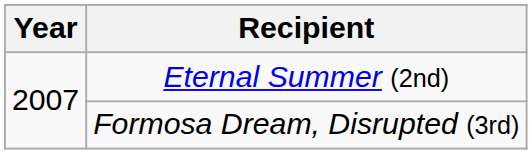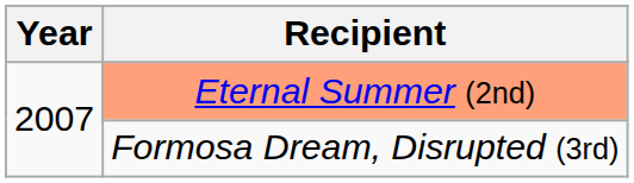 <table class="sortable wikitable" style="text-align:center">
 <tr>
 <th>Year</th>
 <th>Recipient</th>
 </tr>
 <tr>
 <td rowspan=2>2007</td>
-<td><em><a href='#'>Eternal Summer</a></em> <small>(2nd)</small></td>
+<td style="background: lightsalmon;"><em><a href='#'>Eternal Summer</a></em> <small>(2nd)</small></td>
 </tr>
 <tr>
 <td><em>Formosa Dream, Disrupted</em> <small>(3rd)</small></td>
 </tr>
 </table>
